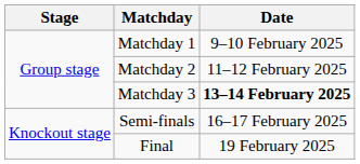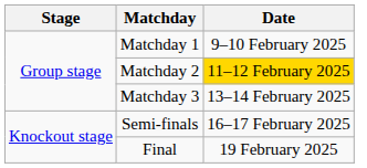 <table class="wikitable" style="text-align:center">
 <tr>
 <th>Stage</th>
 <th>Matchday</th>
 <th>Date</th>
 </tr>
 <tr>
 <td rowspan="3"><a href='#'>Group stage</a></td>
 <td>Matchday 1</td>
 <td>9–10 February 2025</td>
 </tr>
 <tr>
 <td>Matchday 2</td>
-<td>11–12 February 2025</td>
+<td style="background: gold;">11–12 February 2025</td>
 </tr>
 <tr>
 <td>Matchday 3</td>
-<td><strong>13–14 February 2025</strong></td>
+<td>13–14 February 2025</td>
 </tr>
 <tr>
 <td rowspan="2"><a href='#'>Knockout stage</a></td>
 <td>Semi-finals</td>
 <td>16–17 February 2025</td>
 </tr>
 <tr>
 <td>Final</td>
 <td>19 February 2025</td>
 </tr>
 </table>
